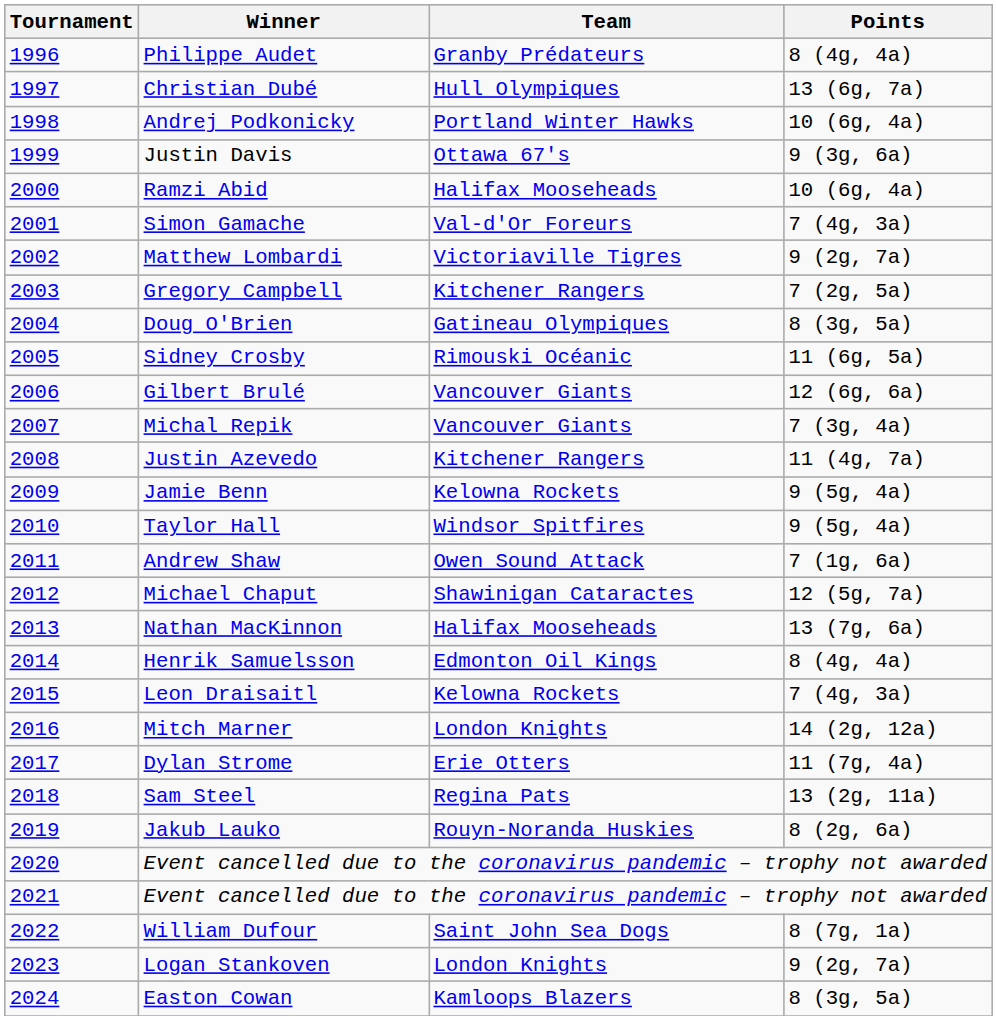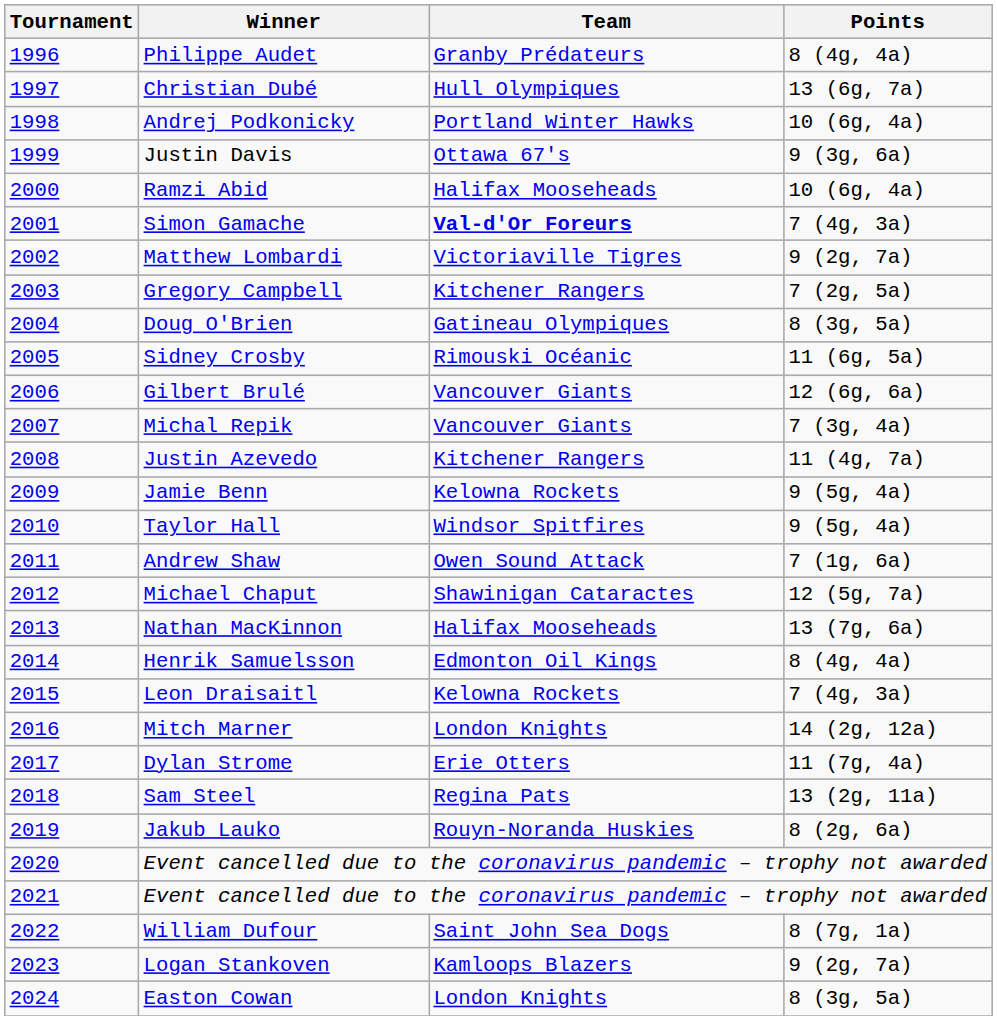 <table class="wikitable sortable">
 <tr>
 <th>Tournament</th>
 <th>Winner</th>
 <th>Team</th>
 <th>Points</th>
 </tr>
 <tr>
 <td><a href='#'>1996</a></td>
 <td><a href='#'>Philippe Audet</a></td>
 <td><a href='#'>Granby Prédateurs</a></td>
 <td>8 (4g, 4a)</td>
 </tr>
 <tr>
 <td><a href='#'>1997</a></td>
 <td><a href='#'>Christian Dubé</a></td>
 <td><a href='#'>Hull Olympiques</a></td>
 <td>13 (6g, 7a)</td>
 </tr>
 <tr>
 <td><a href='#'>1998</a></td>
 <td><a href='#'>Andrej Podkonicky</a></td>
 <td><a href='#'>Portland Winter Hawks</a></td>
 <td>10 (6g, 4a)</td>
 </tr>
 <tr>
 <td><a href='#'>1999</a></td>
 <td>Justin Davis</td>
 <td><a href='#'>Ottawa 67's</a></td>
 <td>9 (3g, 6a)</td>
 </tr>
 <tr>
 <td><a href='#'>2000</a></td>
 <td><a href='#'>Ramzi Abid</a></td>
 <td><a href='#'>Halifax Mooseheads</a></td>
 <td>10 (6g, 4a)</td>
 </tr>
 <tr>
 <td><a href='#'>2001</a></td>
 <td><a href='#'>Simon Gamache</a></td>
-<td><a href='#'>Val-d'Or Foreurs</a></td>
+<td><strong><a href='#'>Val-d'Or Foreurs</a></strong></td>
 <td>7 (4g, 3a)</td>
 </tr>
 <tr>
 <td><a href='#'>2002</a></td>
 <td><a href='#'>Matthew Lombardi</a></td>
 <td><a href='#'>Victoriaville Tigres</a></td>
 <td>9 (2g, 7a)</td>
 </tr>
 <tr>
 <td><a href='#'>2003</a></td>
 <td><a href='#'>Gregory Campbell</a></td>
 <td><a href='#'>Kitchener Rangers</a></td>
 <td>7 (2g, 5a)</td>
 </tr>
 <tr>
 <td><a href='#'>2004</a></td>
 <td><a href='#'>Doug O'Brien</a></td>
 <td><a href='#'>Gatineau Olympiques</a></td>
 <td>8 (3g, 5a)</td>
 </tr>
 <tr>
 <td><a href='#'>2005</a></td>
 <td><a href='#'>Sidney Crosby</a></td>
 <td><a href='#'>Rimouski Océanic</a></td>
 <td>11 (6g, 5a)</td>
 </tr>
 <tr>
 <td><a href='#'>2006</a></td>
 <td><a href='#'>Gilbert Brulé</a></td>
 <td><a href='#'>Vancouver Giants</a></td>
 <td>12 (6g, 6a)</td>
 </tr>
 <tr>
 <td><a href='#'>2007</a></td>
 <td><a href='#'>Michal Repik</a></td>
 <td><a href='#'>Vancouver Giants</a></td>
 <td>7 (3g, 4a)</td>
 </tr>
 <tr>
 <td><a href='#'>2008</a></td>
 <td><a href='#'>Justin Azevedo</a></td>
 <td><a href='#'>Kitchener Rangers</a></td>
 <td>11 (4g, 7a)</td>
 </tr>
 <tr>
 <td><a href='#'>2009</a></td>
 <td><a href='#'>Jamie Benn</a></td>
 <td><a href='#'>Kelowna Rockets</a></td>
 <td>9 (5g, 4a)</td>
 </tr>
 <tr>
 <td><a href='#'>2010</a></td>
 <td><a href='#'>Taylor Hall</a></td>
 <td><a href='#'>Windsor Spitfires</a></td>
 <td>9 (5g, 4a)</td>
 </tr>
 <tr>
 <td><a href='#'>2011</a></td>
 <td><a href='#'>Andrew Shaw</a></td>
 <td><a href='#'>Owen Sound Attack</a></td>
 <td>7 (1g, 6a)</td>
 </tr>
 <tr>
 <td><a href='#'>2012</a></td>
 <td><a href='#'>Michael Chaput</a></td>
 <td><a href='#'>Shawinigan Cataractes</a></td>
 <td>12 (5g, 7a)</td>
 </tr>
 <tr>
 <td><a href='#'>2013</a></td>
 <td><a href='#'>Nathan MacKinnon</a></td>
 <td><a href='#'>Halifax Mooseheads</a></td>
 <td>13 (7g, 6a)</td>
 </tr>
 <tr>
 <td><a href='#'>2014</a></td>
 <td><a href='#'>Henrik Samuelsson</a></td>
 <td><a href='#'>Edmonton Oil Kings</a></td>
 <td>8 (4g, 4a)</td>
 </tr>
 <tr>
 <td><a href='#'>2015</a></td>
 <td><a href='#'>Leon Draisaitl</a></td>
 <td><a href='#'>Kelowna Rockets</a></td>
 <td>7 (4g, 3a)</td>
 </tr>
 <tr>
 <td><a href='#'>2016</a></td>
 <td><a href='#'>Mitch Marner</a></td>
 <td><a href='#'>London Knights</a></td>
 <td>14 (2g, 12a)</td>
 </tr>
 <tr>
 <td><a href='#'>2017</a></td>
 <td><a href='#'>Dylan Strome</a></td>
 <td><a href='#'>Erie Otters</a></td>
 <td>11 (7g, 4a)</td>
 </tr>
 <tr>
 <td><a href='#'>2018</a></td>
 <td><a href='#'>Sam Steel</a></td>
 <td><a href='#'>Regina Pats</a></td>
 <td>13 (2g, 11a)</td>
 </tr>
 <tr>
 <td><a href='#'>2019</a></td>
 <td><a href='#'>Jakub Lauko</a></td>
 <td><a href='#'>Rouyn-Noranda Huskies</a></td>
 <td>8 (2g, 6a)</td>
 </tr>
 <tr>
 <td><a href='#'>2020</a></td>
 <td colspan="3"><em>Event cancelled due to the <a href='#'>coronavirus pandemic</a> – trophy not awarded</em></td>
 </tr>
 <tr>
 <td><a href='#'>2021</a></td>
 <td colspan="3"><em>Event cancelled due to the <a href='#'>coronavirus pandemic</a> – trophy not awarded</em></td>
 </tr>
 <tr>
 <td><a href='#'>2022</a></td>
 <td><a href='#'>William Dufour</a></td>
 <td><a href='#'>Saint John Sea Dogs</a></td>
 <td>8 (7g, 1a)</td>
 </tr>
 <tr>
 <td><a href='#'>2023</a></td>
 <td><a href='#'>Logan Stankoven</a></td>
-<td><a href='#'>London Knights</a></td>
+<td><a href='#'>Kamloops Blazers</a></td>
 <td>9 (2g, 7a)</td>
 </tr>
 <tr>
 <td><a href='#'>2024</a></td>
 <td><a href='#'>Easton Cowan</a></td>
-<td><a href='#'>Kamloops Blazers</a></td>
+<td><a href='#'>London Knights</a></td>
 <td>8 (3g, 5a)</td>
 </tr>
 </table>
